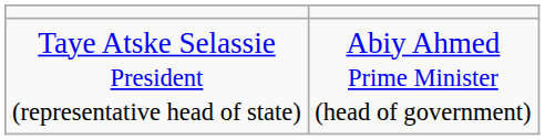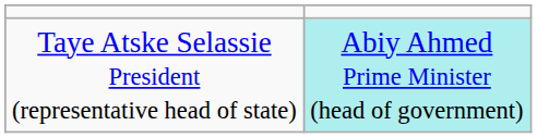 <table class="wikitable floatright">
 <tr>
 <td style="text-align:left;"></td>
 <td style="text-align:left;"></td>
 </tr>
 <tr>
 <td style="text-align:center;"><a href='#'>Taye Atske Selassie</a><br><small><a href='#'>President</a><br>(representative head of state)</small></td>
-<td style="text-align:center;"><a href='#'>Abiy Ahmed</a><br><small><a href='#'>Prime Minister</a><br>(head of government)</small></td>
+<td style="background: paleturquoise; text-align:center;"><a href='#'>Abiy Ahmed</a><br><small><a href='#'>Prime Minister</a><br>(head of government)</small></td>
 </tr>
 </table>
